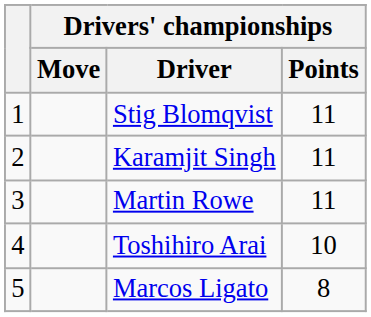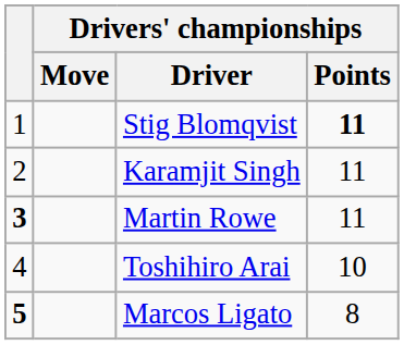 <table class="wikitable" style="font-size:85%;">
 <tr>
 <th rowspan="2"></th>
 <th colspan="3" nowrap>Drivers' championships</th>
 </tr>
 <tr>
 <th>Move</th>
 <th>Driver</th>
 <th>Points</th>
 </tr>
 <tr>
 <td align="center">1</td>
 <td align="center"></td>
 <td> <a href='#'>Stig Blomqvist</a></td>
-<td align="center">11</td>
+<td align="center"><strong>11</strong></td>
 </tr>
 <tr>
 <td align="center">2</td>
 <td align="center"></td>
 <td> <a href='#'>Karamjit Singh</a></td>
 <td align="center">11</td>
 </tr>
 <tr>
-<td align="center">3</td>
+<td align="center"><strong>3</strong></td>
 <td align="center"></td>
 <td> <a href='#'>Martin Rowe</a></td>
 <td align="center">11</td>
 </tr>
 <tr>
 <td align="center">4</td>
 <td align="center"></td>
 <td> <a href='#'>Toshihiro Arai</a></td>
 <td align="center">10</td>
 </tr>
 <tr>
-<td align="center">5</td>
+<td align="center"><strong>5</strong></td>
 <td align="center"></td>
 <td> <a href='#'>Marcos Ligato</a></td>
 <td align="center">8</td>
 </tr>
 </table>
